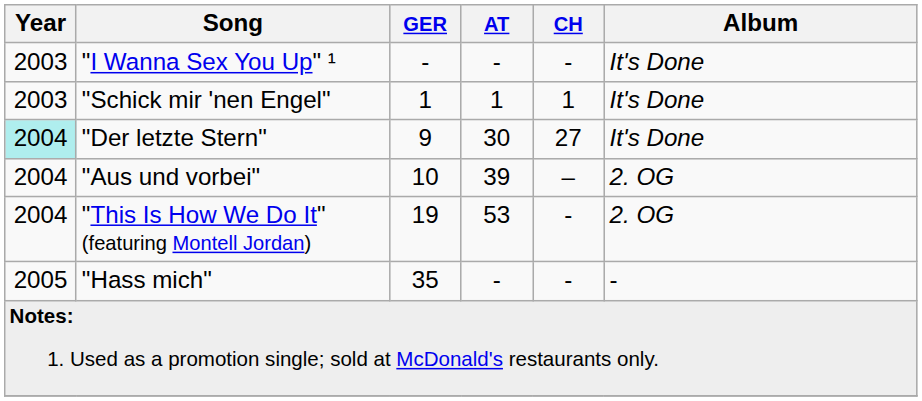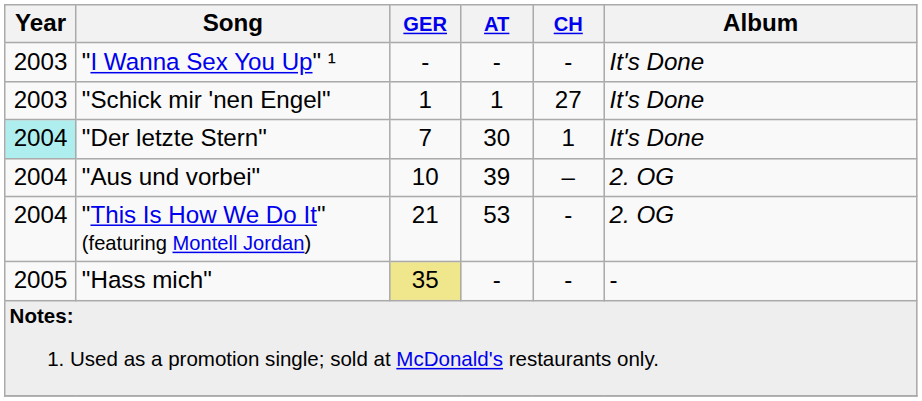 <table class="wikitable">
 <tr>
 <th align="center" valign="top" width="40">Year</th>
 <th align="left" valign="top" width="200">Song</th>
 <th align="center" valign="top" width="40"><small><a href='#'>GER</a></small></th>
 <th align="center" valign="top" width="40"><small><a href='#'>AT</a></small></th>
 <th align="center" valign="top" width="40"><small><a href='#'>CH</a></small></th>
 <th align="left" valign="top" width="200">Album</th>
 </tr>
 <tr>
 <td align="center" valign="top">2003</td>
 <td align="left" valign="top">"<a href='#'>I Wanna Sex You Up</a>" ¹</td>
 <td align="center" valign="top">-</td>
 <td align="center" valign="top">-</td>
 <td align="center" valign="top">-</td>
 <td align="left" valign="top"><em>It's Done</em></td>
 </tr>
 <tr>
 <td align="center" valign="top">2003</td>
 <td align="left" valign="top">"Schick mir 'nen Engel"</td>
 <td align="center" valign="top">1</td>
 <td align="center" valign="top">1</td>
-<td align="center" valign="top">1</td>
+<td align="center" valign="top">27</td>
 <td align="left" valign="top"><em>It's Done</em></td>
 </tr>
 <tr>
 <td align="center" valign="top" style="background: paleturquoise;">2004</td>
 <td align="left" valign="top">"Der letzte Stern"</td>
-<td align="center" valign="top">9</td>
+<td align="center" valign="top">7</td>
 <td align="center" valign="top">30</td>
-<td align="center" valign="top">27</td>
+<td align="center" valign="top">1</td>
 <td align="left" valign="top"><em>It's Done</em></td>
 </tr>
 <tr>
 <td align="center" valign="top">2004</td>
 <td align="left" valign="top">"Aus und vorbei"</td>
 <td align="center" valign="top">10</td>
 <td align="center" valign="top">39</td>
 <td align="center" valign="top">–</td>
 <td align="left" valign="top"><em>2. OG</em></td>
 </tr>
 <tr>
 <td align="center" valign="top">2004</td>
 <td align="left" valign="top">"<a href='#'>This Is How We Do It</a>"<small>(featuring <a href='#'>Montell Jordan</a>)</small></td>
-<td align="center" valign="top">19</td>
+<td align="center" valign="top">21</td>
 <td align="center" valign="top">53</td>
 <td align="center" valign="top">-</td>
 <td align="left" valign="top"><em>2. OG</em></td>
 </tr>
 <tr>
 <td align="center" valign="top">2005</td>
 <td align="left" valign="top">"Hass mich"</td>
-<td align="center" valign="top">35</td>
+<td align="center" valign="top" style="background: khaki;">35</td>
 <td align="center" valign="top">-</td>
 <td align="center" valign="top">-</td>
 <td align="left" valign="top">-</td>
 </tr>
 <tr>
 <td colspan=7 style="font-size:85%" bgcolor=#EEEEEE><strong>Notes:</strong><br><ol><li>Used as a promotion single; sold at <a href='#'>McDonald's</a> restaurants only.</li></ol></td>
 </tr>
 <tr>
 </tr>
 </table>
